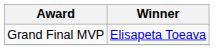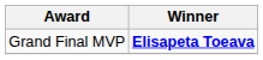 <table class="wikitable collapsible">
 <tr>
 <th>Award</th>
 <th>Winner</th>
 </tr>
 <tr>
 <td>Grand Final MVP</td>
-<td><a href='#'>Elisapeta Toeava</a></td>
+<td><strong><a href='#'>Elisapeta Toeava</a></strong></td>
 </tr>
 <tr>
 </tr>
 </table>
